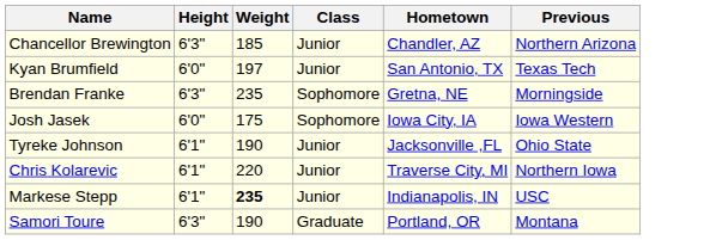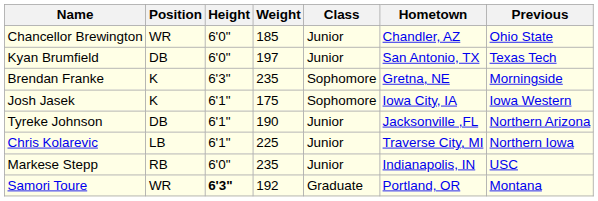 <table class="wikitable sortable">
 <tr>
 <th>Name</th>
+<th>Position</th>
 <th>Height</th>
 <th>Weight</th>
 <th>Class</th>
 <th>Hometown</th>
 <th>Previous</th>
 </tr>
 <tr style="background:#FFFFE6;">
 <td>Chancellor Brewington</td>
-<td>6'3"</td>
+<td>WR</td>
+<td>6'0"</td>
 <td>185</td>
 <td>Junior</td>
 <td><a href='#'>Chandler, AZ</a></td>
-<td><a href='#'>Northern Arizona</a></td>
+<td><a href='#'>Ohio State</a></td>
 </tr>
 <tr style="background:#FFFFE6;">
 <td>Kyan Brumfield</td>
+<td>DB</td>
 <td>6'0"</td>
 <td>197</td>
 <td>Junior</td>
 <td><a href='#'>San Antonio, TX</a></td>
 <td><a href='#'>Texas Tech</a></td>
 </tr>
 <tr style="background:#FFFFE6;">
 <td>Brendan Franke</td>
+<td>K</td>
 <td>6'3"</td>
 <td>235</td>
 <td>Sophomore</td>
 <td><a href='#'>Gretna, NE</a></td>
 <td><a href='#'>Morningside</a></td>
 </tr>
 <tr style="background:#FFFFE6;">
 <td>Josh Jasek</td>
-<td>6'0"</td>
+<td>K</td>
+<td>6'1"</td>
 <td>175</td>
 <td>Sophomore</td>
 <td><a href='#'>Iowa City, IA</a></td>
 <td><a href='#'>Iowa Western</a></td>
 </tr>
 <tr style="background:#FFFFE6;">
 <td>Tyreke Johnson</td>
+<td>DB</td>
 <td>6'1"</td>
 <td>190</td>
 <td>Junior</td>
 <td><a href='#'>Jacksonville ,FL</a></td>
-<td><a href='#'>Ohio State</a></td>
+<td><a href='#'>Northern Arizona</a></td>
 </tr>
 <tr style="background:#FFFFE6;">
 <td><a href='#'>Chris Kolarevic</a></td>
+<td>LB</td>
 <td>6'1"</td>
-<td>220</td>
+<td>225</td>
 <td>Junior</td>
 <td><a href='#'>Traverse City, MI</a></td>
 <td><a href='#'>Northern Iowa</a></td>
 </tr>
 <tr style="background:#FFFFE6;">
 <td>Markese Stepp</td>
-<td>6'1"</td>
-<td><strong>235</strong></td>
+<td>RB</td>
+<td>6'0"</td>
+<td>235</td>
 <td>Junior</td>
 <td><a href='#'>Indianapolis, IN</a></td>
 <td><a href='#'>USC</a></td>
 </tr>
 <tr style="background:#FFFFE6;">
 <td><a href='#'>Samori Toure</a></td>
-<td>6'3"</td>
-<td>190</td>
+<td>WR</td>
+<td><strong>6'3"</strong></td>
+<td>192</td>
 <td>Graduate</td>
 <td><a href='#'>Portland, OR</a></td>
 <td><a href='#'>Montana</a></td>
 </tr>
 </table>
